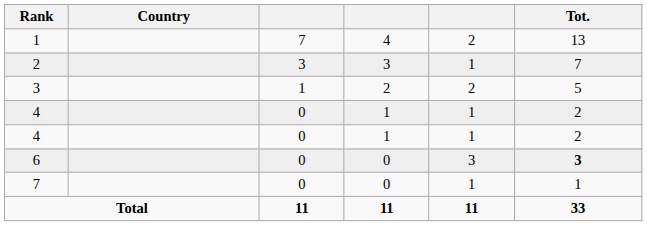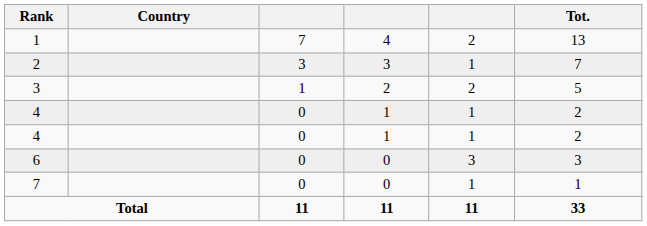 <table class=wikitable width=50% cellspacing="1" cellpadding="3" style="border:1px solid #AAAAAA;font-size:90%; text-align:center">
 <tr bgcolor="#EFEFEF">
 <th width=10%>Rank</th>
 <th width=30%>Country</th>
 <th></th>
 <th></th>
 <th></th>
 <th>Tot.</th>
 </tr>
 <tr>
 <td>1</td>
 <td align=left></td>
 <td>7</td>
 <td>4</td>
 <td>2</td>
 <td>13</td>
 </tr>
 <tr bgcolor="#efefef">
 <td>2</td>
 <td align=left></td>
 <td>3</td>
 <td>3</td>
 <td>1</td>
 <td>7</td>
 </tr>
 <tr>
 <td>3</td>
 <td align=left></td>
 <td>1</td>
 <td>2</td>
 <td>2</td>
 <td>5</td>
 </tr>
 <tr bgcolor="#efefef">
 <td>4</td>
 <td align=left></td>
 <td>0</td>
 <td>1</td>
 <td>1</td>
 <td>2</td>
 </tr>
 <tr>
 <td>4</td>
 <td align=left></td>
 <td>0</td>
 <td>1</td>
 <td>1</td>
 <td>2</td>
 </tr>
 <tr bgcolor="#efefef">
 <td>6</td>
 <td align=left></td>
 <td>0</td>
 <td>0</td>
 <td>3</td>
-<td><strong>3</strong></td>
+<td>3</td>
 </tr>
 <tr>
 <td>7</td>
 <td align=left></td>
 <td>0</td>
 <td>0</td>
 <td>1</td>
 <td>1</td>
 </tr>
 <tr>
 <td colspan=2><strong>Total</strong></td>
 <td><strong>11</strong></td>
 <td><strong>11</strong></td>
 <td><strong>11</strong></td>
 <td><strong>33</strong></td>
 </tr>
 </table>
